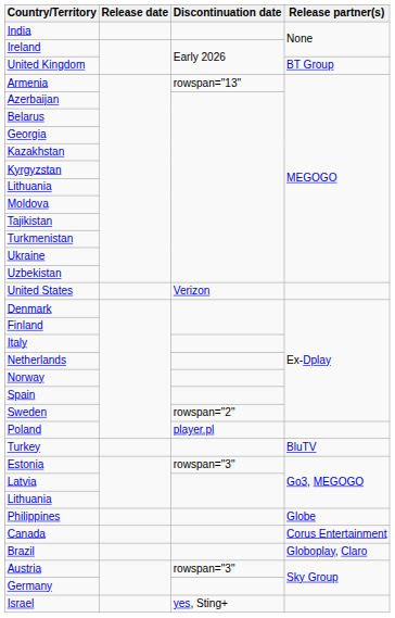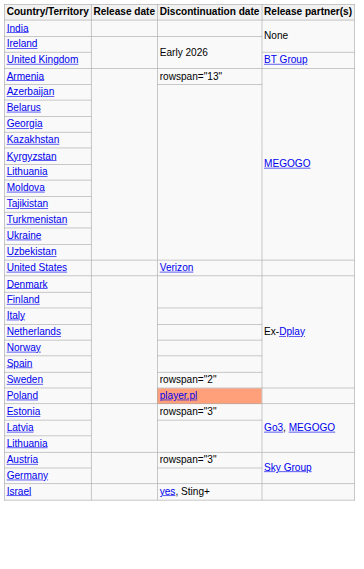 <table class="wikitable sortable plainrowheaders" id="launch rollout">
 <tr>
 <th scope="col">Country/Territory</th>
 <th scope="col">Release date</th>
 <th scope="col">Discontinuation date</th>
 <th scope="col">Release partner(s)</th>
 </tr>
 <tr>
 <td scope="row"><a href='#'>India</a></td>
 <td></td>
 <td></td>
 <td rowspan="2">None</td>
 </tr>
 <tr>
 <td scope="row"><a href='#'>Ireland</a></td>
 <td rowspan="2"></td>
 <td rowspan="2">Early 2026</td>
 </tr>
 <tr>
 <td scope="row"><a href='#'>United Kingdom</a></td>
 <td><a href='#'>BT Group</a></td>
 </tr>
 <tr>
 <td scope="row"><a href='#'>Armenia</a></td>
 <td rowspan="12"></td>
 <td>rowspan="13" </td>
 <td rowspan="12"><a href='#'>MEGOGO</a></td>
 </tr>
 <tr>
 <td scope="row"><a href='#'>Azerbaijan</a></td>
 </tr>
 <tr>
 <td scope="row"><a href='#'>Belarus</a></td>
 </tr>
 <tr>
 <td scope="row"><a href='#'>Georgia</a></td>
 </tr>
 <tr>
 <td scope="row"><a href='#'>Kazakhstan</a></td>
 </tr>
 <tr>
 <td scope="row"><a href='#'>Kyrgyzstan</a></td>
 </tr>
 <tr>
 <td scope="row"><a href='#'>Lithuania</a></td>
 </tr>
 <tr>
 <td scope="row"><a href='#'>Moldova</a></td>
 </tr>
 <tr>
 <td scope="row"><a href='#'>Tajikistan</a></td>
 </tr>
 <tr>
 <td scope="row"><a href='#'>Turkmenistan</a></td>
 </tr>
 <tr>
 <td scope="row"><a href='#'>Ukraine</a></td>
 </tr>
 <tr>
 <td scope="row"><a href='#'>Uzbekistan</a></td>
 </tr>
 <tr>
 <td scope="row"><a href='#'>United States</a></td>
 <td></td>
 <td><a href='#'>Verizon</a></td>
 </tr>
 <tr>
 <td scope="row"><a href='#'>Denmark</a></td>
 <td rowspan="8"></td>
 <td rowspan="2"></td>
 <td rowspan="7">Ex-<a href='#'>Dplay</a></td>
 </tr>
 <tr>
 <td scope="row"><a href='#'>Finland</a></td>
 </tr>
 <tr>
 <td scope="row"><a href='#'>Italy</a></td>
 <td></td>
 </tr>
 <tr>
 <td scope="row"><a href='#'>Netherlands</a></td>
 <td></td>
 </tr>
 <tr>
 <td scope="row"><a href='#'>Norway</a></td>
 <td></td>
 </tr>
 <tr>
 <td scope="row"><a href='#'>Spain</a></td>
 <td></td>
 </tr>
 <tr>
 <td scope="row"><a href='#'>Sweden</a></td>
 <td>rowspan="2" </td>
 </tr>
 <tr>
 <td scope="row"><a href='#'>Poland</a></td>
-<td><a href='#'>player.pl</a></td>
-</tr>
-<tr>
-<td scope="row"><a href='#'>Turkey</a></td>
-<td></td>
-<td></td>
-<td><a href='#'>BluTV</a></td>
+<td style="background: lightsalmon;"><a href='#'>player.pl</a></td>
 </tr>
 <tr>
 <td scope="row"><a href='#'>Estonia</a></td>
 <td rowspan="3"></td>
 <td>rowspan="3" </td>
 <td rowspan="3"><a href='#'>Go3</a>, <a href='#'>MEGOGO</a></td>
 </tr>
 <tr>
 <td scope="row"><a href='#'>Latvia</a></td>
 </tr>
 <tr>
 <td scope="row"><a href='#'>Lithuania</a></td>
-</tr>
-<tr>
-<td scope="row"><a href='#'>Philippines</a></td>
-<td></td>
-<td></td>
-<td><a href='#'>Globe</a></td>
-</tr>
-<tr>
-<td scope="row"><a href='#'>Canada</a></td>
-<td></td>
-<td></td>
-<td><a href='#'>Corus Entertainment</a></td>
-</tr>
-<tr>
-<td scope="row"><a href='#'>Brazil</a></td>
-<td></td>
-<td></td>
-<td><a href='#'>Globoplay</a>, <a href='#'>Claro</a></td>
 </tr>
 <tr>
 <td scope="row"><a href='#'>Austria</a></td>
 <td rowspan="2"></td>
 <td>rowspan="3" </td>
 <td rowspan="2"><a href='#'>Sky Group</a></td>
 </tr>
 <tr>
 <td scope="row"><a href='#'>Germany</a></td>
 </tr>
 <tr>
 <td scope="row"><a href='#'>Israel</a></td>
 <td></td>
 <td><a href='#'>yes</a>, Sting+</td>
 </tr>
 </table>
